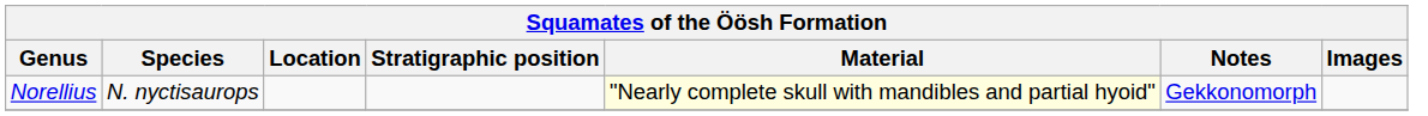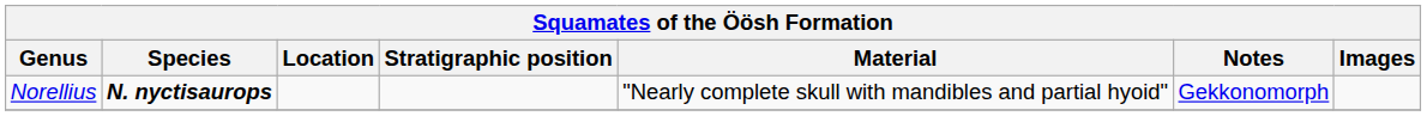 <table class="wikitable" align="center">
 <tr>
 <th colspan="7" align="center"><strong><a href='#'>Squamates</a> of the Öösh Formation</strong></th>
 </tr>
 <tr>
 <th>Genus</th>
 <th>Species</th>
 <th>Location</th>
 <th>Stratigraphic position</th>
 <th>Material</th>
 <th>Notes</th>
 <th>Images</th>
 </tr>
 <tr>
 <td><em><a href='#'>Norellius</a></em></td>
-<td><em>N. nyctisaurops</em></td>
+<td><strong><em>N. nyctisaurops</em></strong></td>
 <td></td>
 <td></td>
-<td style="background: lightyellow;">"Nearly complete skull with mandibles and partial hyoid"</td>
+<td>"Nearly complete skull with mandibles and partial hyoid"</td>
 <td><a href='#'>Gekkonomorph</a></td>
 <td></td>
 </tr>
 <tr>
 </tr>
 </table>
